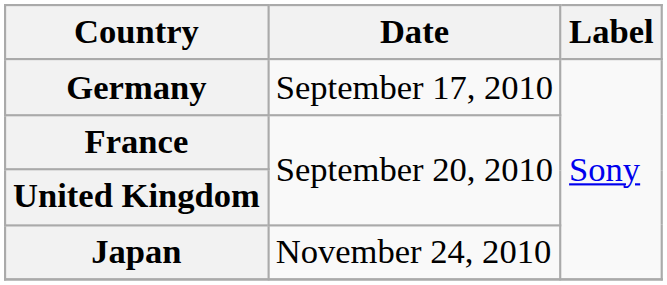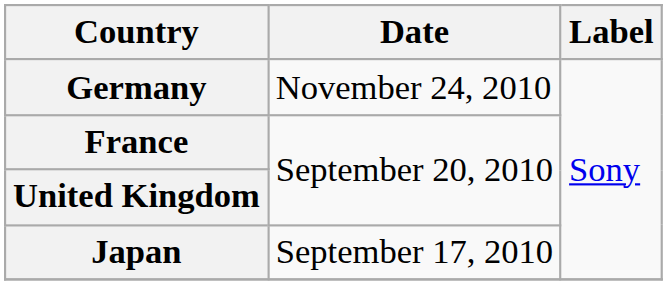 <table class="wikitable plainrowheaders">
 <tr>
 <th scope="col">Country</th>
 <th scope="col">Date</th>
 <th scope="col">Label</th>
 </tr>
 <tr>
 <th scope="row">Germany</th>
-<td>September 17, 2010</td>
+<td>November 24, 2010</td>
 <td rowspan="4"><a href='#'>Sony</a></td>
 </tr>
 <tr>
 <th scope="row">France</th>
 <td rowspan="2">September 20, 2010</td>
 </tr>
 <tr>
 <th scope="row">United Kingdom</th>
 </tr>
 <tr>
 <th scope="row">Japan</th>
-<td>November 24, 2010</td>
+<td>September 17, 2010</td>
 </tr>
 <tr>
 </tr>
 </table>
